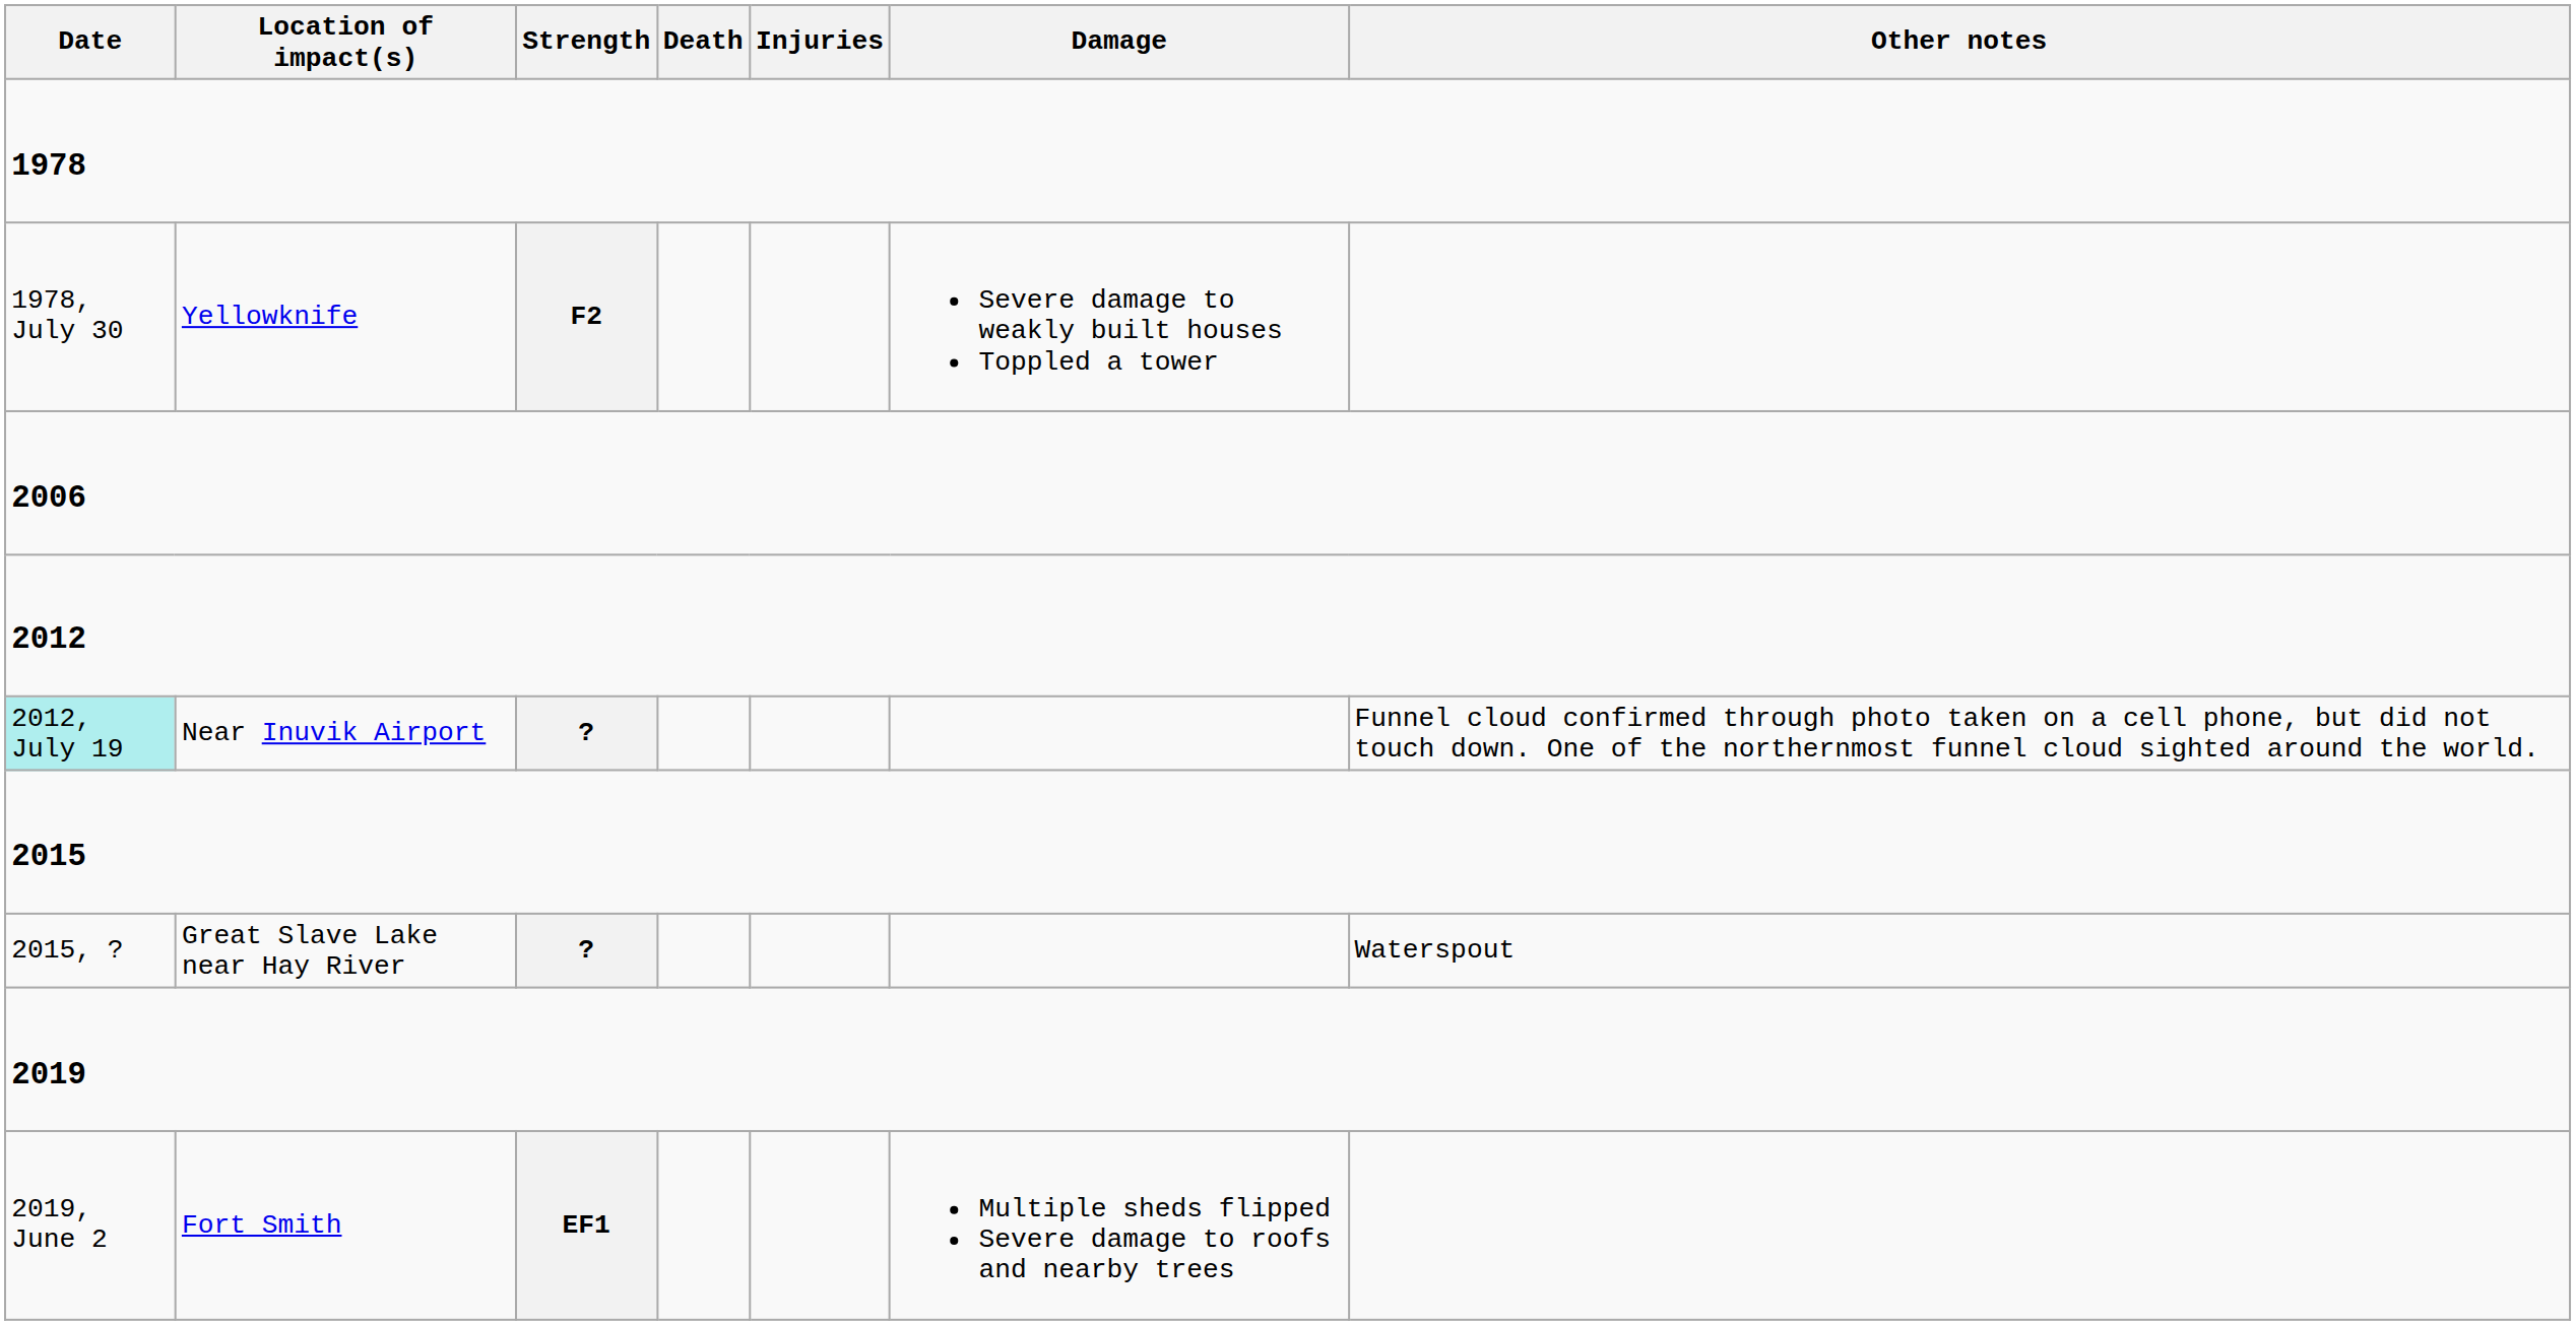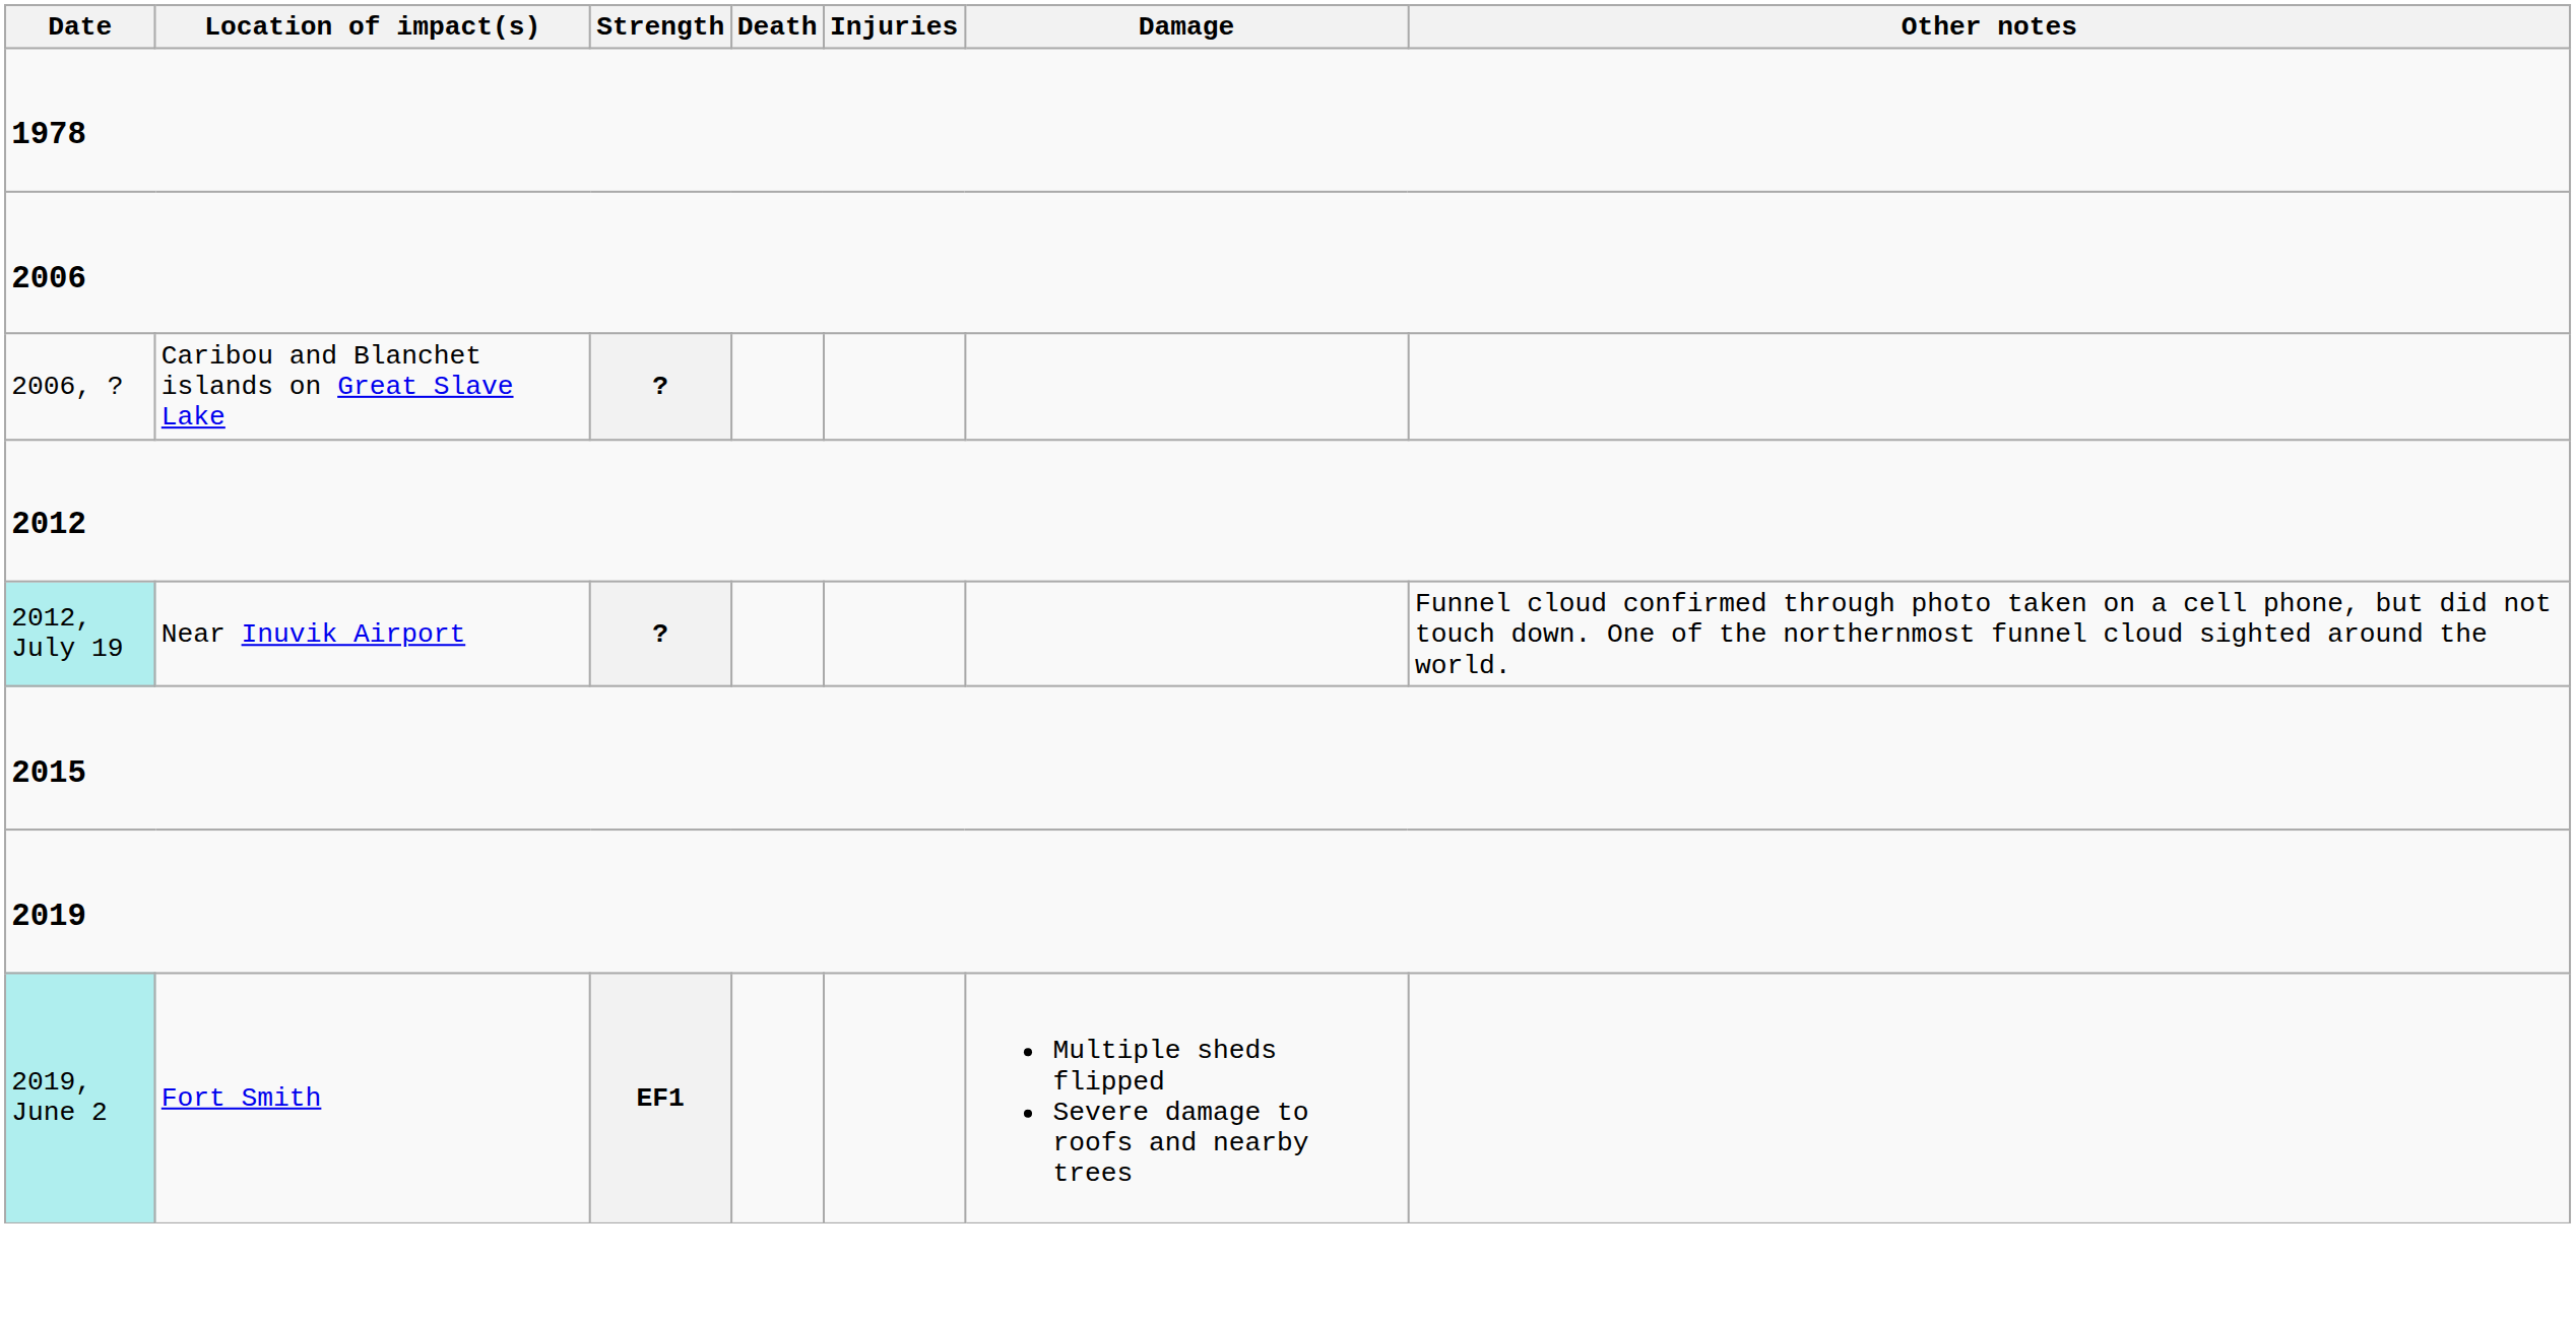 <table class="wikitable mw-collapsible">
 <tr>
 <th>Date</th>
 <th>Location of impact(s)</th>
 <th>Strength</th>
 <th>Death</th>
 <th>Injuries</th>
 <th>Damage</th>
 <th>Other notes</th>
 </tr>
 <tr>
 <td colspan="7"><br><h3>1978</h3></td>
 </tr>
 <tr>
-<td>1978, July 30</td>
-<td><a href='#'>Yellowknife</a></td>
-<th style="background-color:#">F2</th>
+<td colspan="7"><br><h3>2006</h3></td>
+</tr>
+<tr>
+<td>2006, ?</td>
+<td>Caribou and Blanchet islands on <a href='#'>Great Slave Lake</a></td>
+<th>?</th>
 <td></td>
 <td></td>
-<td><br><ul><li>Severe damage to weakly built houses</li><li>Toppled a tower</li></ul></td>
 <td></td>
-</tr>
-<tr>
-<td colspan="7"><br><h3>2006</h3></td>
+<td></td>
 </tr>
 <tr>
 <td colspan="7"><br><h3>2012</h3></td>
 </tr>
 <tr>
 <td style="background: paleturquoise;">2012, July 19</td>
 <td>Near <a href='#'>Inuvik Airport</a></td>
 <th>?</th>
 <td></td>
 <td></td>
 <td></td>
 <td>Funnel cloud confirmed through photo taken on a cell phone, but did not touch down. One of the northernmost funnel cloud sighted around the world.</td>
 </tr>
 <tr>
 <td colspan="7"><br><h3>2015</h3></td>
 </tr>
 <tr>
-<td>2015, ?</td>
-<td>Great Slave Lake near Hay River</td>
-<th>?</th>
-<td></td>
-<td></td>
-<td></td>
-<td>Waterspout</td>
-</tr>
-<tr>
 <td colspan="7"><br><h3>2019</h3></td>
 </tr>
 <tr>
-<td>2019, June 2</td>
+<td style="background: paleturquoise;">2019, June 2</td>
 <td><a href='#'>Fort Smith</a></td>
 <th style="background-color:#">EF1</th>
 <td></td>
 <td></td>
 <td><br><ul><li>Multiple sheds flipped</li><li>Severe damage to roofs and nearby trees</li></ul></td>
 <td></td>
 </tr>
 </table>
